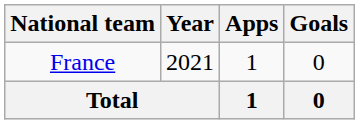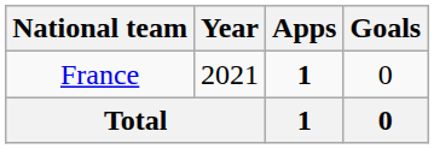 <table class="wikitable" style="text-align:center">
 <tr>
 <th>National team</th>
 <th>Year</th>
 <th>Apps</th>
 <th>Goals</th>
 </tr>
 <tr>
 <td><a href='#'>France</a></td>
 <td>2021</td>
-<td>1</td>
+<td><strong>1</strong></td>
 <td>0</td>
 </tr>
 <tr>
 <th colspan="2">Total</th>
 <th>1</th>
 <th>0</th>
 </tr>
 </table>
